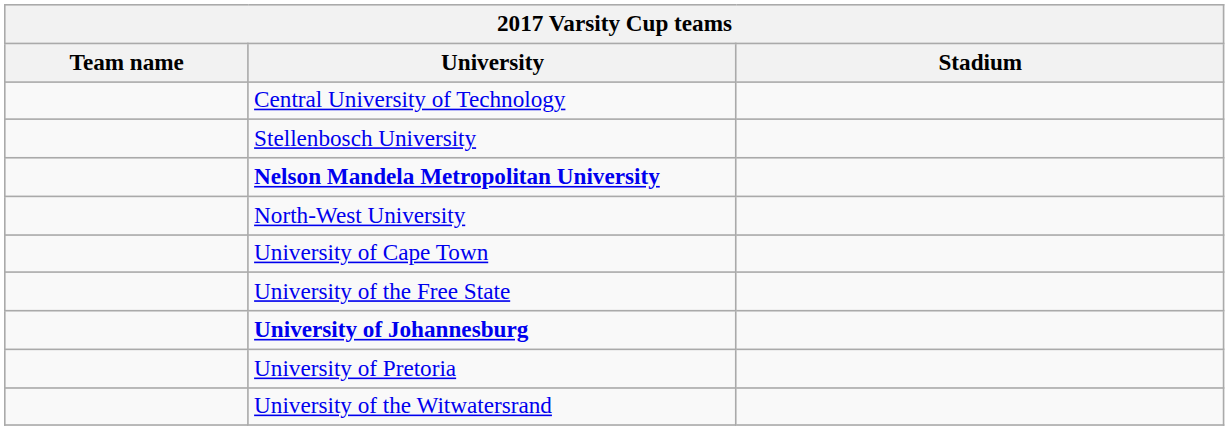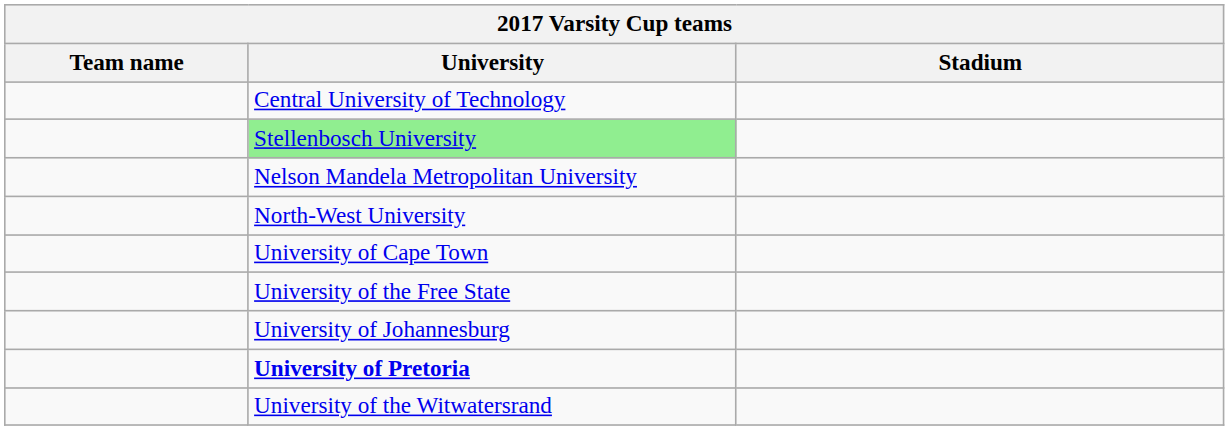 <table class="wikitable" style="text-align:left; font-size:90%; width:60%;">
 <tr>
 <th colspan=4 align=center><strong>2017 Varsity Cup teams</strong></th>
 </tr>
 <tr>
 <th width="20%">Team name</th>
 <th width="40%">University</th>
 <th width="40%">Stadium</th>
 </tr>
 <tr>
 <td></td>
 <td><a href='#'>Central University of Technology</a></td>
 <td></td>
 </tr>
 <tr>
 <td></td>
-<td><a href='#'>Stellenbosch University</a></td>
+<td style="background: lightgreen;"><a href='#'>Stellenbosch University</a></td>
 <td></td>
 </tr>
 <tr>
 <td></td>
-<td><strong><a href='#'>Nelson Mandela Metropolitan University</a></strong></td>
+<td><a href='#'>Nelson Mandela Metropolitan University</a></td>
 <td></td>
 </tr>
 <tr>
 <td></td>
 <td><a href='#'>North-West University</a></td>
 <td></td>
 </tr>
 <tr>
 <td></td>
 <td><a href='#'>University of Cape Town</a></td>
 <td></td>
 </tr>
 <tr>
 <td></td>
 <td><a href='#'>University of the Free State</a></td>
 <td></td>
 </tr>
 <tr>
 <td></td>
-<td><strong><a href='#'>University of Johannesburg</a></strong></td>
+<td><a href='#'>University of Johannesburg</a></td>
 <td></td>
 </tr>
 <tr>
 <td></td>
-<td><a href='#'>University of Pretoria</a></td>
+<td><strong><a href='#'>University of Pretoria</a></strong></td>
 <td></td>
 </tr>
 <tr>
 <td></td>
 <td><a href='#'>University of the Witwatersrand</a></td>
 <td></td>
 </tr>
 </table>
